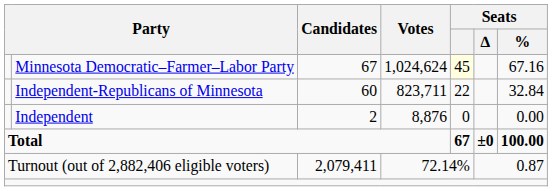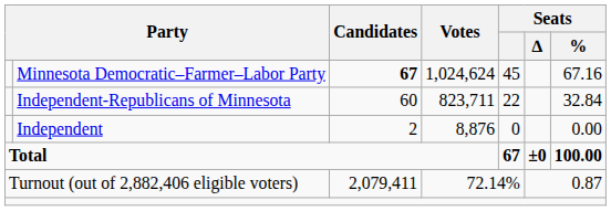 <table class="wikitable">
 <tr>
 <th rowspan="2" colspan="2">Party</th>
 <th rowspan="2">Candidates</th>
 <th rowspan="2" colspan="1">Votes</th>
 <th colspan="3">Seats</th>
 </tr>
 <tr>
 <th></th>
 <th>∆</th>
 <th>%</th>
 </tr>
 <tr>
 <td style="background-color:"></td>
 <td><a href='#'>Minnesota Democratic–Farmer–Labor Party</a></td>
-<td align="right">67</td>
+<td align="right"><strong>67</strong></td>
 <td align="right">1,024,624</td>
-<td align="right" style="background: lightyellow;">45</td>
+<td align="right">45</td>
 <td align="right"></td>
 <td align="right">67.16</td>
 </tr>
 <tr>
 <td style="background-color:"></td>
 <td><a href='#'>Independent-Republicans of Minnesota</a></td>
 <td align="right">60</td>
 <td align="right">823,711</td>
 <td align="right">22</td>
 <td align="right"></td>
 <td align="right">32.84</td>
 </tr>
 <tr>
 <td style="background-color:"></td>
 <td><a href='#'>Independent</a></td>
 <td align="right">2</td>
 <td align="right">8,876</td>
 <td align="right">0</td>
 <td align="right"></td>
 <td align="right">0.00</td>
 </tr>
 <tr>
 <td colspan="4" align="left"><strong>Total</strong></td>
 <td align="right"><strong>67</strong></td>
 <td align="right"><strong>±0</strong></td>
 <td align="right"><strong>100.00</strong></td>
 </tr>
 <tr>
 <td colspan="2" align="left">Turnout (out of 2,882,406 eligible voters)</td>
 <td colspan="1" align="right">2,079,411</td>
 <td colspan="2" align="right">72.14%</td>
 <td colspan="2" align="right">0.87 </td>
 </tr>
 <tr>
 <td colspan="7"></td>
 </tr>
 </table>
